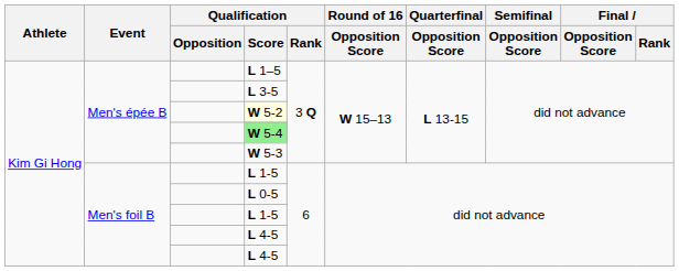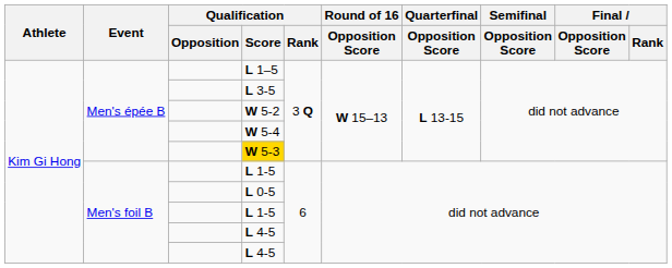 <table class=wikitable style="font-size:90%">
 <tr>
 <th rowspan="2">Athlete</th>
 <th rowspan="2">Event</th>
 <th colspan="3">Qualification</th>
 <th>Round of 16</th>
 <th>Quarterfinal</th>
 <th>Semifinal</th>
 <th colspan="2">Final / </th>
 </tr>
 <tr>
 <th>Opposition</th>
 <th>Score</th>
 <th>Rank</th>
 <th>Opposition<br>Score</th>
 <th>Opposition<br>Score</th>
 <th>Opposition<br>Score</th>
 <th>Opposition<br>Score</th>
 <th>Rank</th>
 </tr>
 <tr>
 <td rowspan=10><a href='#'>Kim Gi Hong</a></td>
 <td rowspan=5><a href='#'>Men's épée B</a></td>
 <td></td>
 <td><strong>L</strong> 1–5</td>
 <td align="center" rowspan=5>3 <strong>Q</strong></td>
 <td align="center" rowspan=5><br><strong>W</strong> 15–13</td>
 <td align="center" rowspan=5><br><strong>L</strong> 13-15</td>
 <td align="center" rowspan=5 colspan=3>did not advance</td>
 </tr>
 <tr>
 <td></td>
 <td><strong>L</strong> 3-5</td>
 </tr>
 <tr>
 <td></td>
-<td style="background: lightyellow;"><strong>W</strong> 5-2</td>
+<td><strong>W</strong> 5-2</td>
 </tr>
 <tr>
 <td></td>
-<td style="background: lightgreen;"><strong>W</strong> 5-4</td>
+<td><strong>W</strong> 5-4</td>
 </tr>
 <tr>
 <td></td>
-<td><strong>W</strong> 5-3</td>
+<td style="background: gold;"><strong>W</strong> 5-3</td>
 </tr>
 <tr>
 <td rowspan=5><a href='#'>Men's foil B</a></td>
 <td></td>
 <td><strong>L</strong> 1-5</td>
 <td align="center" rowspan=5>6</td>
 <td align="center" rowspan=5 colspan=5>did not advance</td>
 </tr>
 <tr>
 <td></td>
 <td><strong>L</strong> 0-5</td>
 </tr>
 <tr>
 <td></td>
 <td><strong>L</strong> 1-5</td>
 </tr>
 <tr>
 <td></td>
 <td><strong>L</strong> 4-5</td>
 </tr>
 <tr>
 <td></td>
 <td><strong>L</strong> 4-5</td>
 </tr>
 </table>
